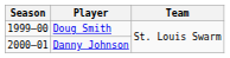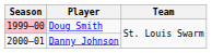 <table class="wikitable">
 <tr>
 <th>Season</th>
 <th>Player</th>
 <th>Team</th>
 </tr>
 <tr>
-<td>1999–00</td>
+<td style="background: pink;">1999–00</td>
 <td><a href='#'>Doug Smith</a></td>
 <td rowspan="2">St. Louis Swarm</td>
 </tr>
 <tr>
 <td>2000–01</td>
 <td><a href='#'>Danny Johnson</a></td>
 </tr>
 </table>
